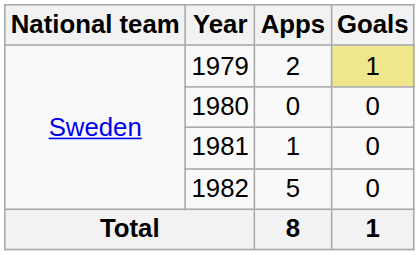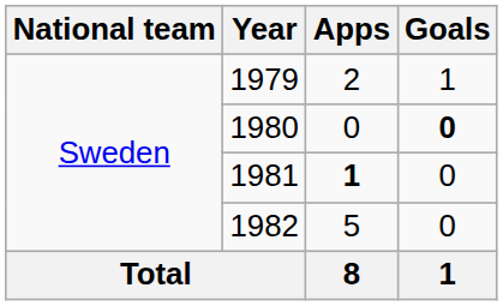 <table class="wikitable" style="text-align: center">
 <tr>
 <th>National team</th>
 <th>Year</th>
 <th>Apps</th>
 <th>Goals</th>
 </tr>
 <tr>
 <td rowspan="4"><a href='#'>Sweden</a></td>
 <td>1979</td>
 <td>2</td>
-<td style="background: khaki;">1</td>
+<td>1</td>
 </tr>
 <tr>
 <td>1980</td>
 <td>0</td>
-<td>0</td>
+<td><strong>0</strong></td>
 </tr>
 <tr>
 <td>1981</td>
-<td>1</td>
+<td><strong>1</strong></td>
 <td>0</td>
 </tr>
 <tr>
 <td>1982</td>
 <td>5</td>
 <td>0</td>
 </tr>
 <tr>
 <th colspan="2">Total</th>
 <th>8</th>
 <th>1</th>
 </tr>
 </table>
